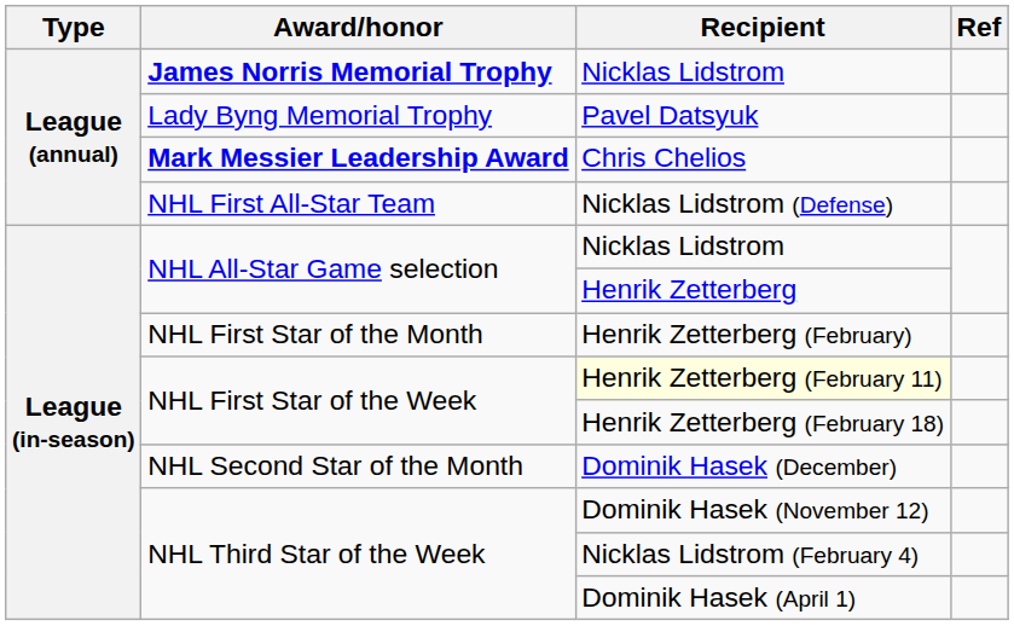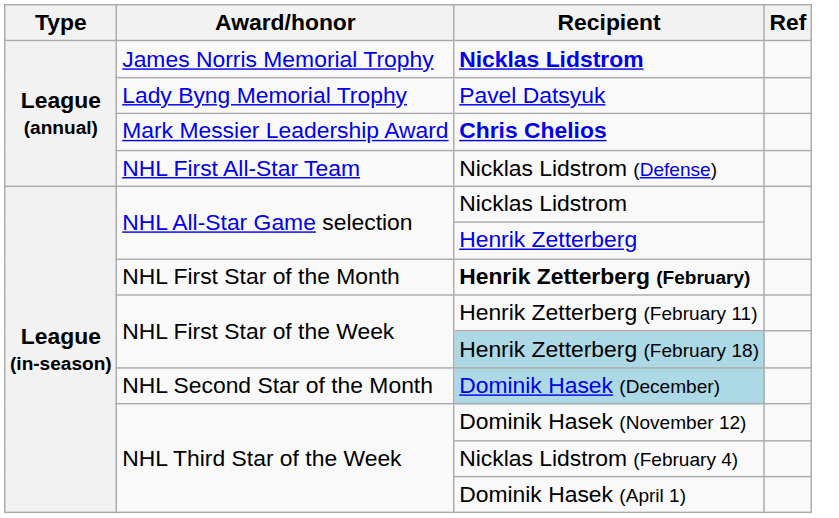 <table class="wikitable">
 <tr>
 <th scope="col">Type</th>
 <th scope="col">Award/honor</th>
 <th scope="col">Recipient</th>
 <th scope="col">Ref</th>
 </tr>
 <tr>
 <th scope="row" rowspan="4">League<br><small>(annual)</small></th>
-<td><strong><a href='#'>James Norris Memorial Trophy</a></strong></td>
-<td><a href='#'>Nicklas Lidstrom</a></td>
+<td><a href='#'>James Norris Memorial Trophy</a></td>
+<td><strong><a href='#'>Nicklas Lidstrom</a></strong></td>
 <td></td>
 </tr>
 <tr>
 <td><a href='#'>Lady Byng Memorial Trophy</a></td>
 <td><a href='#'>Pavel Datsyuk</a></td>
 <td></td>
 </tr>
 <tr>
-<td><strong><a href='#'>Mark Messier Leadership Award</a></strong></td>
-<td><a href='#'>Chris Chelios</a></td>
+<td><a href='#'>Mark Messier Leadership Award</a></td>
+<td><strong><a href='#'>Chris Chelios</a></strong></td>
 <td></td>
 </tr>
 <tr>
 <td><a href='#'>NHL First All-Star Team</a></td>
 <td>Nicklas Lidstrom <small>(<a href='#'>Defense</a>)</small></td>
 <td></td>
 </tr>
 <tr>
 <th scope="row" rowspan="9">League<br><small>(in-season)</small></th>
 <td rowspan="2"><a href='#'>NHL All-Star Game</a> selection</td>
 <td>Nicklas Lidstrom</td>
 <td rowspan="2"></td>
 </tr>
 <tr>
 <td><a href='#'>Henrik Zetterberg</a></td>
 </tr>
 <tr>
 <td>NHL First Star of the Month</td>
-<td>Henrik Zetterberg <small>(February)</small></td>
+<td><strong>Henrik Zetterberg <small>(February)</small></strong></td>
 <td></td>
 </tr>
 <tr>
 <td rowspan="2">NHL First Star of the Week</td>
-<td style="background: lightyellow;">Henrik Zetterberg <small>(February 11)</small></td>
+<td>Henrik Zetterberg <small>(February 11)</small></td>
 <td></td>
 </tr>
 <tr>
-<td>Henrik Zetterberg <small>(February 18)</small></td>
+<td style="background: lightblue;">Henrik Zetterberg <small>(February 18)</small></td>
 <td></td>
 </tr>
 <tr>
 <td>NHL Second Star of the Month</td>
-<td><a href='#'>Dominik Hasek</a> <small>(December)</small></td>
+<td style="background: lightblue;"><a href='#'>Dominik Hasek</a> <small>(December)</small></td>
 <td></td>
 </tr>
 <tr>
 <td rowspan="3">NHL Third Star of the Week</td>
 <td>Dominik Hasek <small>(November 12)</small></td>
 <td></td>
 </tr>
 <tr>
 <td>Nicklas Lidstrom <small>(February 4)</small></td>
 <td></td>
 </tr>
 <tr>
 <td>Dominik Hasek <small>(April 1)</small></td>
 <td></td>
 </tr>
 </table>
